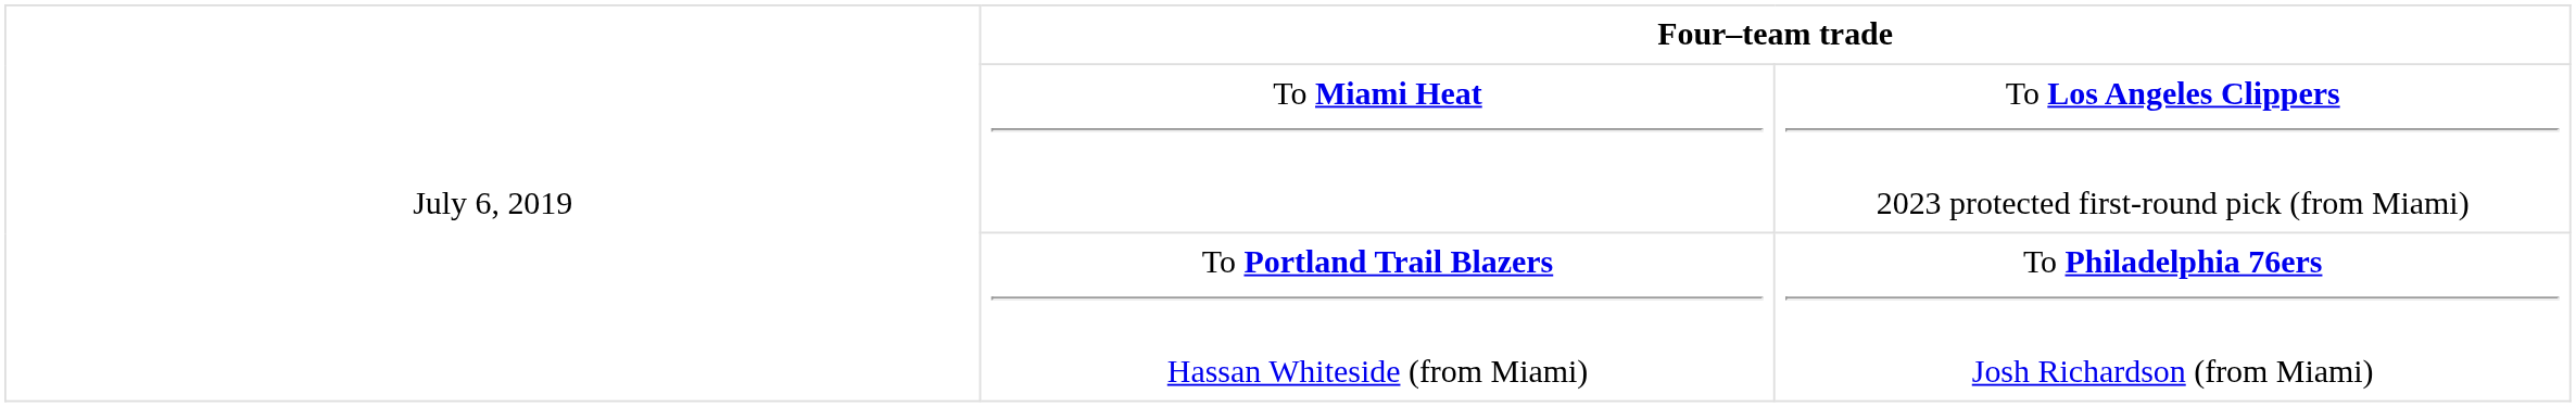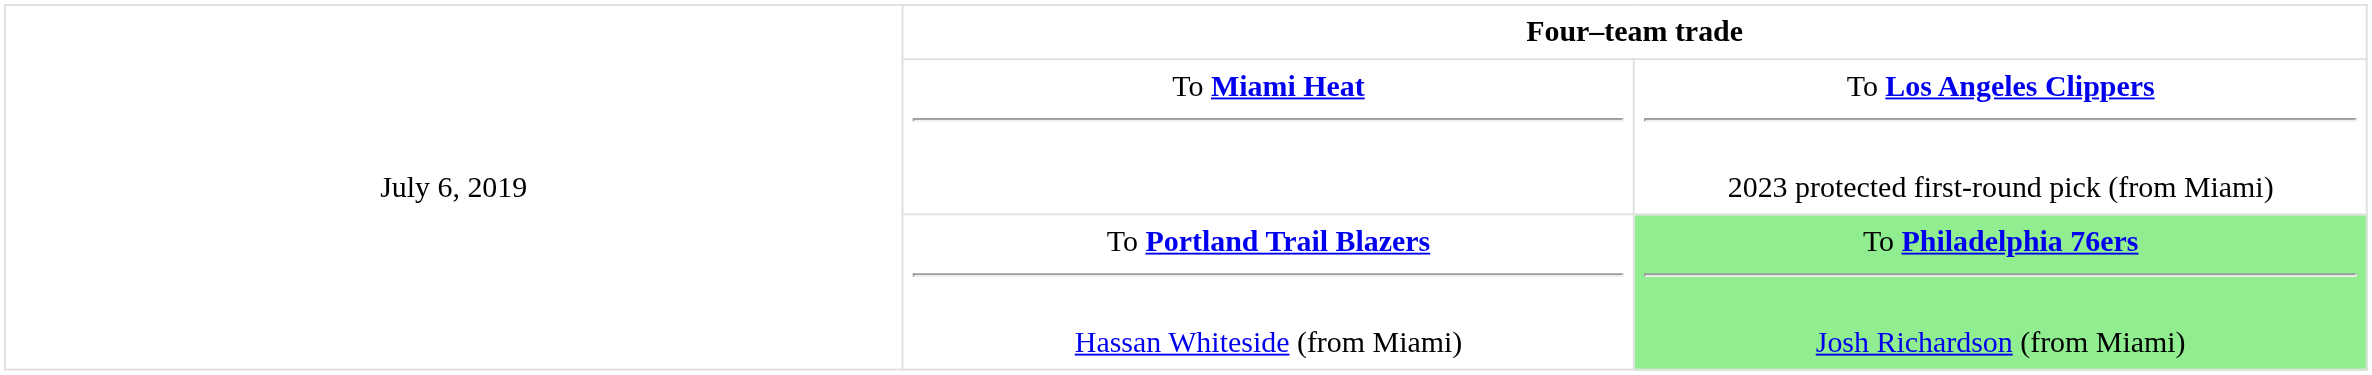 <table border=1 style="border-collapse:collapse; text-align: center; width: 100%" bordercolor="#DFDFDF" cellpadding="5">
 <tr>
 <td rowspan=3>July 6, 2019</td>
 <td colspan=2><strong>Four–team trade</strong></td>
 </tr>
 <tr>
 <td style="width:31%; vertical-align:top;">To <strong><a href='#'>Miami Heat</a></strong><hr><br></td>
 <td style="width:31%; vertical-align:top;">To <strong><a href='#'>Los Angeles Clippers</a></strong><hr><br>2023 protected first-round pick (from Miami)</td>
 </tr>
 <tr>
 <td style="width:31%; vertical-align:top;">To <strong><a href='#'>Portland Trail Blazers</a></strong><hr><br> <a href='#'>Hassan Whiteside</a> (from Miami)</td>
-<td style="width:31%; vertical-align:top;">To <strong><a href='#'>Philadelphia 76ers</a></strong><hr><br> <a href='#'>Josh Richardson</a> (from Miami)</td>
+<td style="background: lightgreen; width:31%; vertical-align:top;">To <strong><a href='#'>Philadelphia 76ers</a></strong><hr><br> <a href='#'>Josh Richardson</a> (from Miami)</td>
 </tr>
 </table>
